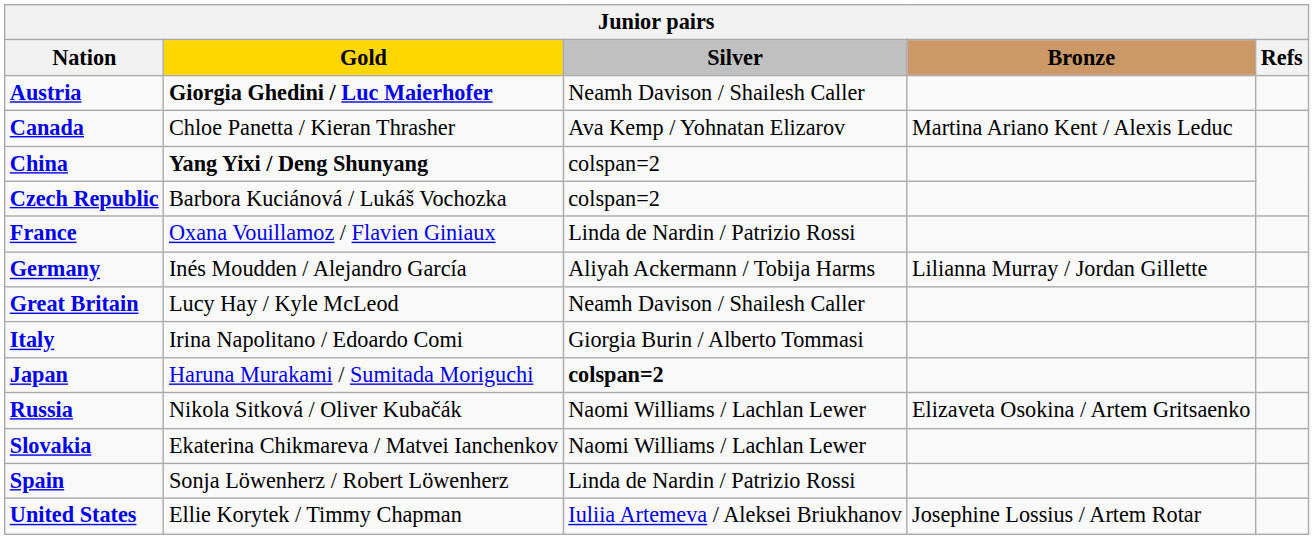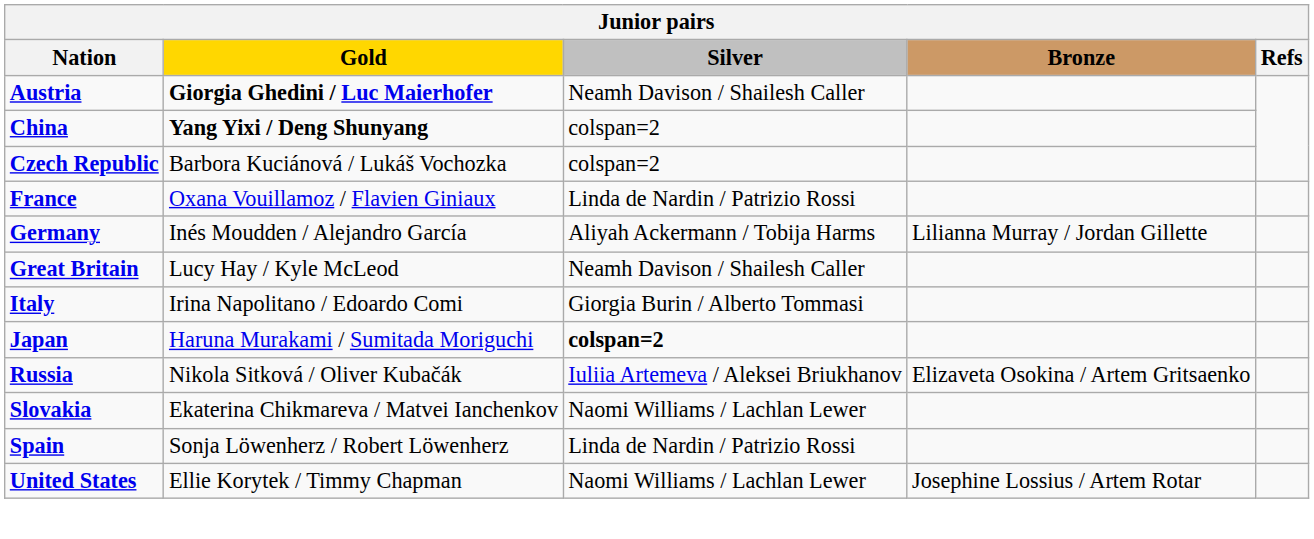 <table class="wikitable">
 <tr>
 <th colspan=5>Junior pairs</th>
 </tr>
 <tr>
 <th>Nation</th>
 <td style="text-align:center; background:gold;"><strong>Gold</strong></td>
 <td style="text-align:center; background:silver;"><strong>Silver</strong></td>
 <td style="text-align:center; background:#c96;"><strong>Bronze</strong></td>
 <th>Refs</th>
 </tr>
 <tr>
 <td><strong> <a href='#'>Austria</a></strong></td>
 <td><strong>Giorgia Ghedini / <a href='#'>Luc Maierhofer</a></strong></td>
 <td>Neamh Davison / Shailesh Caller</td>
-<td></td>
-</tr>
-<tr>
-<td><strong> <a href='#'>Canada</a></strong></td>
-<td>Chloe Panetta / Kieran Thrasher</td>
-<td>Ava Kemp / Yohnatan Elizarov</td>
-<td>Martina Ariano Kent / Alexis Leduc</td>
 <td></td>
 </tr>
 <tr>
 <td><strong> <a href='#'>China</a></strong></td>
 <td><strong>Yang Yixi / Deng Shunyang</strong></td>
 <td>colspan=2 </td>
 <td></td>
 </tr>
 <tr>
 <td><strong> <a href='#'>Czech Republic</a></strong></td>
 <td>Barbora Kuciánová / Lukáš Vochozka</td>
 <td>colspan=2 </td>
 <td></td>
 </tr>
 <tr>
 <td><strong> <a href='#'>France</a></strong></td>
 <td><a href='#'>Oxana Vouillamoz</a> / <a href='#'>Flavien Giniaux</a></td>
 <td>Linda de Nardin / Patrizio Rossi</td>
 <td></td>
 <td></td>
 </tr>
 <tr>
 <td><strong> <a href='#'>Germany</a></strong></td>
 <td>Inés Moudden / Alejandro García</td>
 <td>Aliyah Ackermann / Tobija Harms</td>
 <td>Lilianna Murray / Jordan Gillette</td>
 <td></td>
 </tr>
 <tr>
 <td><strong> <a href='#'>Great Britain</a></strong></td>
 <td>Lucy Hay / Kyle McLeod</td>
 <td>Neamh Davison / Shailesh Caller</td>
 <td></td>
 <td></td>
 </tr>
 <tr>
 <td><strong> <a href='#'>Italy</a></strong></td>
 <td>Irina Napolitano / Edoardo Comi</td>
 <td>Giorgia Burin / Alberto Tommasi</td>
 <td></td>
 <td></td>
 </tr>
 <tr>
 <td><strong> <a href='#'>Japan</a></strong></td>
 <td><a href='#'>Haruna Murakami</a> / <a href='#'>Sumitada Moriguchi</a></td>
 <td><strong>colspan=2 </strong></td>
 <td></td>
 </tr>
 <tr>
 <td><strong> <a href='#'>Russia</a></strong></td>
 <td>Nikola Sitková / Oliver Kubačák</td>
-<td>Naomi Williams / Lachlan Lewer</td>
+<td><a href='#'>Iuliia Artemeva</a> / Aleksei Briukhanov</td>
 <td>Elizaveta Osokina / Artem Gritsaenko</td>
 <td></td>
 </tr>
 <tr>
 <td><strong> <a href='#'>Slovakia</a></strong></td>
 <td>Ekaterina Chikmareva / Matvei Ianchenkov</td>
 <td>Naomi Williams / Lachlan Lewer</td>
 <td></td>
 </tr>
 <tr>
 <td><strong> <a href='#'>Spain</a></strong></td>
 <td>Sonja Löwenherz / Robert Löwenherz</td>
 <td>Linda de Nardin / Patrizio Rossi</td>
 <td></td>
 <td></td>
 </tr>
 <tr>
 <td><strong> <a href='#'>United States</a></strong></td>
 <td>Ellie Korytek / Timmy Chapman</td>
-<td><a href='#'>Iuliia Artemeva</a> / Aleksei Briukhanov</td>
+<td>Naomi Williams / Lachlan Lewer</td>
 <td>Josephine Lossius / Artem Rotar</td>
 <td></td>
 </tr>
 </table>
